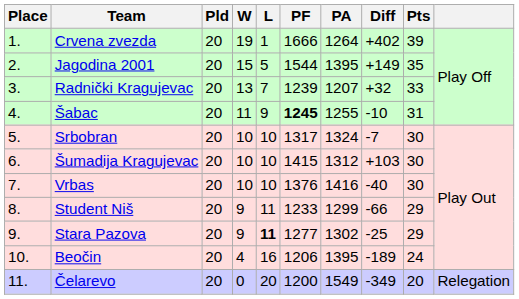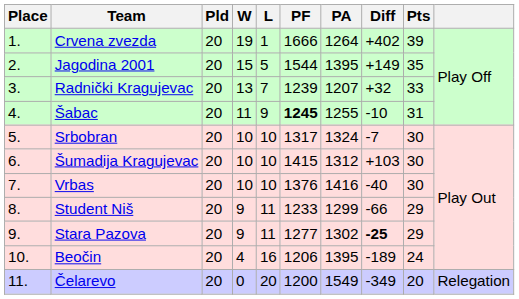 <table class="wikitable">
 <tr>
 <th>Place</th>
 <th>Team</th>
 <th>Pld</th>
 <th>W</th>
 <th>L</th>
 <th>PF</th>
 <th>PA</th>
 <th>Diff</th>
 <th>Pts</th>
 <th></th>
 </tr>
 <tr style="background:#ccffcc;">
 <td>1.</td>
 <td><a href='#'>Crvena zvezda</a></td>
 <td>20</td>
 <td>19</td>
 <td>1</td>
 <td>1666</td>
 <td>1264</td>
 <td>+402</td>
 <td>39</td>
 <td rowspan="4">Play Off</td>
 </tr>
 <tr style="background:#ccffcc;">
 <td>2.</td>
 <td><a href='#'>Jagodina 2001</a></td>
 <td>20</td>
 <td>15</td>
 <td>5</td>
 <td>1544</td>
 <td>1395</td>
 <td>+149</td>
 <td>35</td>
 </tr>
 <tr style="background:#ccffcc;">
 <td>3.</td>
 <td><a href='#'>Radnički Kragujevac</a></td>
 <td>20</td>
 <td>13</td>
 <td>7</td>
 <td>1239</td>
 <td>1207</td>
 <td>+32</td>
 <td>33</td>
 </tr>
 <tr style="background:#ccffcc;">
 <td>4.</td>
 <td><a href='#'>Šabac</a></td>
 <td>20</td>
 <td>11</td>
 <td>9</td>
 <td><strong>1245</strong></td>
 <td>1255</td>
 <td>-10</td>
 <td>31</td>
 </tr>
 <tr style="background:#ffdddd;">
 <td>5.</td>
 <td><a href='#'>Srbobran</a></td>
 <td>20</td>
 <td>10</td>
 <td>10</td>
 <td>1317</td>
 <td>1324</td>
 <td>-7</td>
 <td>30</td>
 <td rowspan="6">Play Out</td>
 </tr>
 <tr style="background:#ffdddd;">
 <td>6.</td>
 <td><a href='#'>Šumadija Kragujevac</a></td>
 <td>20</td>
 <td>10</td>
 <td>10</td>
 <td>1415</td>
 <td>1312</td>
 <td>+103</td>
 <td>30</td>
 </tr>
 <tr style="background:#ffdddd;">
 <td>7.</td>
 <td><a href='#'>Vrbas</a></td>
 <td>20</td>
 <td>10</td>
 <td>10</td>
 <td>1376</td>
 <td>1416</td>
 <td>-40</td>
 <td>30</td>
 </tr>
 <tr style="background:#ffdddd;">
 <td>8.</td>
 <td><a href='#'>Student Niš</a></td>
 <td>20</td>
 <td>9</td>
 <td>11</td>
 <td>1233</td>
 <td>1299</td>
 <td>-66</td>
 <td>29</td>
 </tr>
 <tr style="background:#ffdddd;">
 <td>9.</td>
 <td><a href='#'>Stara Pazova</a></td>
 <td>20</td>
 <td>9</td>
-<td><strong>11</strong></td>
+<td>11</td>
 <td>1277</td>
 <td>1302</td>
-<td>-25</td>
+<td><strong>-25</strong></td>
 <td>29</td>
 </tr>
 <tr style="background:#ffdddd;">
 <td>10.</td>
 <td><a href='#'>Beočin</a></td>
 <td>20</td>
 <td>4</td>
 <td>16</td>
 <td>1206</td>
 <td>1395</td>
 <td>-189</td>
 <td>24</td>
 </tr>
 <tr style="background:#CCCCFF;">
 <td>11.</td>
 <td><a href='#'>Čelarevo</a></td>
 <td>20</td>
 <td>0</td>
 <td>20</td>
 <td>1200</td>
 <td>1549</td>
 <td>-349</td>
 <td>20</td>
 <td rowspan="1">Relegation</td>
 </tr>
 </table>
